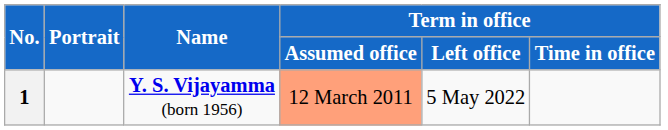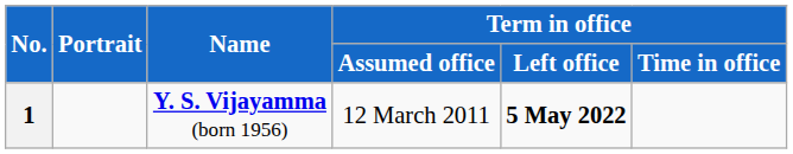 <table class="wikitable sortable" style="text-align: center;">
 <tr>
 <th rowspan ="2" style="background-color:#1569C7; color:white">No.</th>
 <th rowspan ="2" style="background-color:#1569C7; color:white">Portrait</th>
 <th rowspan ="2" style="background-color:#1569C7; color:white">Name<br></th>
 <th colspan ="3" style="background-color:#1569C7; color:white">Term in office</th>
 </tr>
 <tr>
 <th style="background-color:#1569C7; color:white">Assumed office</th>
 <th style="background-color:#1569C7; color:white">Left office</th>
 <th style="background-color:#1569C7; color:white">Time in office</th>
 </tr>
 <tr>
 <th rowspan ="1">1</th>
 <td rowspan ="1"></td>
 <td rowspan ="1"><strong><a href='#'>Y. S. Vijayamma</a></strong><br><small>(born 1956)</small></td>
-<td style="background: lightsalmon;">12 March 2011</td>
-<td>5 May 2022</td>
+<td>12 March 2011</td>
+<td><strong>5 May 2022</strong></td>
 <td></td>
 </tr>
 </table>
